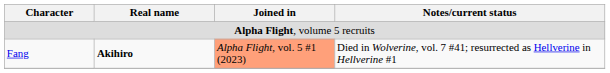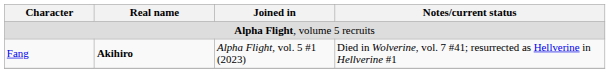 <table class="wikitable" width=100%>
 <tr>
 <th width=15%>Character</th>
 <th width=20%>Real name</th>
 <th width=20%>Joined in</th>
 <th width=45%>Notes/current status</th>
 </tr>
 <tr bgcolor="#DDDDDD">
 <td colspan=4 align=center><strong>Alpha Flight</strong>, volume 5 recruits</td>
 </tr>
 <tr>
 <td><a href='#'>Fang</a></td>
 <td><strong>Akihiro</strong></td>
-<td style="background: lightsalmon;"><em>Alpha Flight</em>, vol. 5 #1 (2023)</td>
+<td><em>Alpha Flight</em>, vol. 5 #1 (2023)</td>
 <td>Died in <em>Wolverine</em>, vol. 7 #41; resurrected as <a href='#'>Hellverine</a> in <em>Hellverine</em> #1</td>
 </tr>
 <tr>
 </tr>
 </table>
